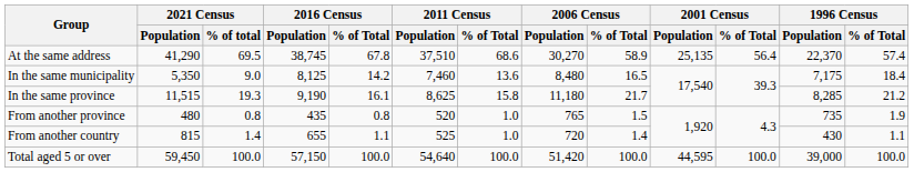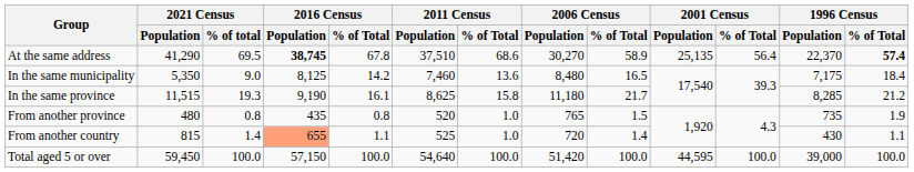 <table class="wikitable" style="text-align:right;">
 <tr>
 <th rowspan=2>Group</th>
 <th colspan=2>2021 Census</th>
 <th colspan=2>2016 Census</th>
 <th colspan=2>2011 Census</th>
 <th colspan=2>2006 Census</th>
 <th colspan=2>2001 Census</th>
 <th colspan=2>1996 Census</th>
 </tr>
 <tr>
 <th>Population</th>
 <th>% of total</th>
 <th>Population</th>
 <th>% of Total</th>
 <th>Population</th>
 <th>% of Total</th>
 <th>Population</th>
 <th>% of Total</th>
 <th>Population</th>
 <th>% of Total</th>
 <th>Population</th>
 <th>% of Total</th>
 </tr>
 <tr>
 <td style="text-align:left;">At the same address</td>
 <td>41,290</td>
 <td>69.5</td>
-<td>38,745</td>
+<td><strong>38,745</strong></td>
 <td>67.8</td>
 <td>37,510</td>
 <td>68.6</td>
 <td>30,270</td>
 <td>58.9</td>
 <td>25,135</td>
 <td>56.4</td>
 <td>22,370</td>
-<td>57.4</td>
+<td><strong>57.4</strong></td>
 </tr>
 <tr>
 <td style="text-align:left;">In the same municipality</td>
 <td>5,350</td>
 <td>9.0</td>
 <td>8,125</td>
 <td>14.2</td>
 <td>7,460</td>
 <td>13.6</td>
 <td>8,480</td>
 <td>16.5</td>
 <td rowspan=2>17,540</td>
 <td rowspan=2>39.3</td>
 <td>7,175</td>
 <td>18.4</td>
 </tr>
 <tr>
 <td style="text-align:left;">In the same province</td>
 <td>11,515</td>
 <td>19.3</td>
 <td>9,190</td>
 <td>16.1</td>
 <td>8,625</td>
 <td>15.8</td>
 <td>11,180</td>
 <td>21.7</td>
 <td>8,285</td>
 <td>21.2</td>
 </tr>
 <tr>
 <td style="text-align:left;">From another province</td>
 <td>480</td>
 <td>0.8</td>
 <td>435</td>
 <td>0.8</td>
 <td>520</td>
 <td>1.0</td>
 <td>765</td>
 <td>1.5</td>
 <td rowspan=2>1,920</td>
 <td rowspan=2>4.3</td>
 <td>735</td>
 <td>1.9</td>
 </tr>
 <tr>
 <td style="text-align:left;">From another country</td>
 <td>815</td>
 <td>1.4</td>
-<td>655</td>
+<td style="background: lightsalmon;">655</td>
 <td>1.1</td>
 <td>525</td>
 <td>1.0</td>
 <td>720</td>
 <td>1.4</td>
 <td>430</td>
 <td>1.1</td>
 </tr>
 <tr>
 <td style="text-align:left;">Total aged 5 or over</td>
 <td>59,450</td>
 <td>100.0</td>
 <td>57,150</td>
 <td>100.0</td>
 <td>54,640</td>
 <td>100.0</td>
 <td>51,420</td>
 <td>100.0</td>
 <td>44,595</td>
 <td>100.0</td>
 <td>39,000</td>
 <td>100.0</td>
 </tr>
 </table>
